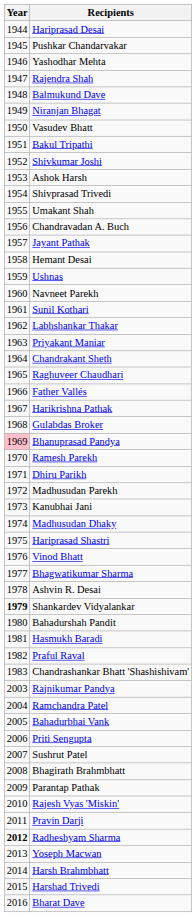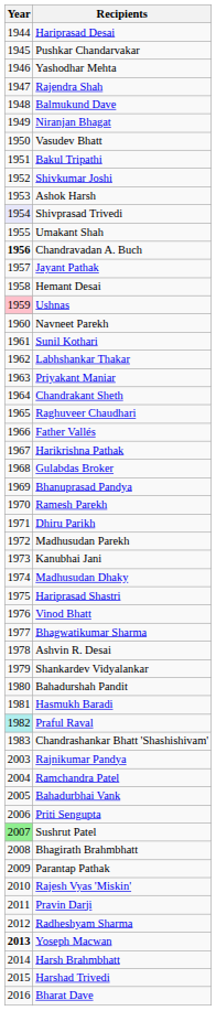 <table class="wikitable sortable">
 <tr>
 <th>Year</th>
 <th>Recipients</th>
 </tr>
 <tr>
 <td>1944</td>
 <td><a href='#'>Hariprasad Desai</a></td>
 </tr>
 <tr>
 <td>1945</td>
 <td>Pushkar Chandarvakar</td>
 </tr>
 <tr>
 <td>1946</td>
 <td>Yashodhar Mehta</td>
 </tr>
 <tr>
 <td>1947</td>
 <td><a href='#'>Rajendra Shah</a></td>
 </tr>
 <tr>
 <td>1948</td>
 <td><a href='#'>Balmukund Dave</a></td>
 </tr>
 <tr>
 <td>1949</td>
 <td><a href='#'>Niranjan Bhagat</a></td>
 </tr>
 <tr>
 <td>1950</td>
 <td>Vasudev Bhatt</td>
 </tr>
 <tr>
 <td>1951</td>
 <td><a href='#'>Bakul Tripathi</a></td>
 </tr>
 <tr>
 <td>1952</td>
 <td><a href='#'>Shivkumar Joshi</a></td>
 </tr>
 <tr>
 <td>1953</td>
 <td>Ashok Harsh</td>
 </tr>
 <tr>
-<td>1954</td>
+<td style="background: lavender;">1954</td>
 <td>Shivprasad Trivedi</td>
 </tr>
 <tr>
 <td>1955</td>
 <td>Umakant Shah</td>
 </tr>
 <tr>
-<td>1956</td>
+<td><strong>1956</strong></td>
 <td>Chandravadan A. Buch</td>
 </tr>
 <tr>
 <td>1957</td>
 <td><a href='#'>Jayant Pathak</a></td>
 </tr>
 <tr>
 <td>1958</td>
 <td>Hemant Desai</td>
 </tr>
 <tr>
-<td>1959</td>
+<td style="background: pink;">1959</td>
 <td><a href='#'>Ushnas</a></td>
 </tr>
 <tr>
 <td>1960</td>
 <td>Navneet Parekh</td>
 </tr>
 <tr>
 <td>1961</td>
 <td><a href='#'>Sunil Kothari</a></td>
 </tr>
 <tr>
 <td>1962</td>
 <td><a href='#'>Labhshankar Thakar</a></td>
 </tr>
 <tr>
 <td>1963</td>
 <td><a href='#'>Priyakant Maniar</a></td>
 </tr>
 <tr>
 <td>1964</td>
 <td><a href='#'>Chandrakant Sheth</a></td>
 </tr>
 <tr>
 <td>1965</td>
 <td><a href='#'>Raghuveer Chaudhari</a></td>
 </tr>
 <tr>
 <td>1966</td>
 <td><a href='#'>Father Vallés</a></td>
 </tr>
 <tr>
 <td>1967</td>
 <td><a href='#'>Harikrishna Pathak</a></td>
 </tr>
 <tr>
 <td>1968</td>
 <td><a href='#'>Gulabdas Broker</a></td>
 </tr>
 <tr>
-<td style="background: pink;">1969</td>
+<td>1969</td>
 <td><a href='#'>Bhanuprasad Pandya</a></td>
 </tr>
 <tr>
 <td>1970</td>
 <td><a href='#'>Ramesh Parekh</a></td>
 </tr>
 <tr>
 <td>1971</td>
 <td><a href='#'>Dhiru Parikh</a></td>
 </tr>
 <tr>
 <td>1972</td>
 <td>Madhusudan Parekh</td>
 </tr>
 <tr>
 <td>1973</td>
 <td>Kanubhai Jani</td>
 </tr>
 <tr>
 <td>1974</td>
 <td><a href='#'>Madhusudan Dhaky</a></td>
 </tr>
 <tr>
 <td>1975</td>
 <td><a href='#'>Hariprasad Shastri</a></td>
 </tr>
 <tr>
 <td>1976</td>
 <td><a href='#'>Vinod Bhatt</a></td>
 </tr>
 <tr>
 <td>1977</td>
 <td><a href='#'>Bhagwatikumar Sharma</a></td>
 </tr>
 <tr>
 <td>1978</td>
 <td>Ashvin R. Desai</td>
 </tr>
 <tr>
-<td><strong>1979</strong></td>
+<td>1979</td>
 <td>Shankardev Vidyalankar</td>
 </tr>
 <tr>
 <td>1980</td>
 <td>Bahadurshah Pandit</td>
 </tr>
 <tr>
 <td>1981</td>
 <td><a href='#'>Hasmukh Baradi</a></td>
 </tr>
 <tr>
-<td>1982</td>
+<td style="background: paleturquoise;">1982</td>
 <td><a href='#'>Praful Raval</a></td>
 </tr>
 <tr>
 <td>1983</td>
 <td>Chandrashankar Bhatt 'Shashishivam'</td>
 </tr>
 <tr>
 <td>2003</td>
 <td><a href='#'>Rajnikumar Pandya</a></td>
 </tr>
 <tr>
 <td>2004</td>
 <td><a href='#'>Ramchandra Patel</a></td>
 </tr>
 <tr>
 <td>2005</td>
 <td><a href='#'>Bahadurbhai Vank</a></td>
 </tr>
 <tr>
 <td>2006</td>
 <td><a href='#'>Priti Sengupta</a></td>
 </tr>
 <tr>
-<td>2007</td>
+<td style="background: lightgreen;">2007</td>
 <td>Sushrut Patel</td>
 </tr>
 <tr>
 <td>2008</td>
 <td>Bhagirath Brahmbhatt</td>
 </tr>
 <tr>
 <td>2009</td>
 <td>Parantap Pathak</td>
 </tr>
 <tr>
 <td>2010</td>
 <td><a href='#'>Rajesh Vyas 'Miskin'</a></td>
 </tr>
 <tr>
 <td>2011</td>
 <td><a href='#'>Pravin Darji</a></td>
 </tr>
 <tr>
-<td><strong>2012</strong></td>
+<td>2012</td>
 <td><a href='#'>Radheshyam Sharma</a></td>
 </tr>
 <tr>
-<td>2013</td>
+<td><strong>2013</strong></td>
 <td><a href='#'>Yoseph Macwan</a></td>
 </tr>
 <tr>
 <td>2014</td>
 <td><a href='#'>Harsh Brahmbhatt</a></td>
 </tr>
 <tr>
 <td>2015</td>
 <td><a href='#'>Harshad Trivedi</a></td>
 </tr>
 <tr>
 <td>2016</td>
 <td><a href='#'>Bharat Dave</a></td>
 </tr>
 </table>
